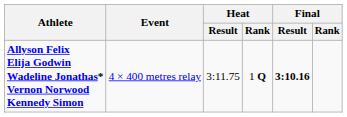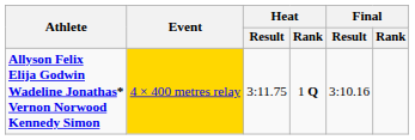 <table class="wikitable" style="font-size:90%">
 <tr>
 <th rowspan="2">Athlete</th>
 <th rowspan="2">Event</th>
 <th colspan="2">Heat</th>
 <th colspan="2">Final</th>
 </tr>
 <tr style="font-size:95%">
 <th>Result</th>
 <th>Rank</th>
 <th>Result</th>
 <th>Rank</th>
 </tr>
 <tr align="center">
 <td align="left"><strong><a href='#'>Allyson Felix</a><br><a href='#'>Elija Godwin</a><br><a href='#'>Wadeline Jonathas</a>*<br><a href='#'>Vernon Norwood</a><br><a href='#'>Kennedy Simon</a></strong></td>
-<td align="left"><a href='#'>4 × 400 metres relay</a></td>
+<td align="left" style="background: gold;"><a href='#'>4 × 400 metres relay</a></td>
 <td>3:11.75</td>
 <td>1 <strong>Q</strong></td>
-<td><strong>3:10.16</strong></td>
+<td>3:10.16</td>
 <td></td>
 </tr>
 </table>
